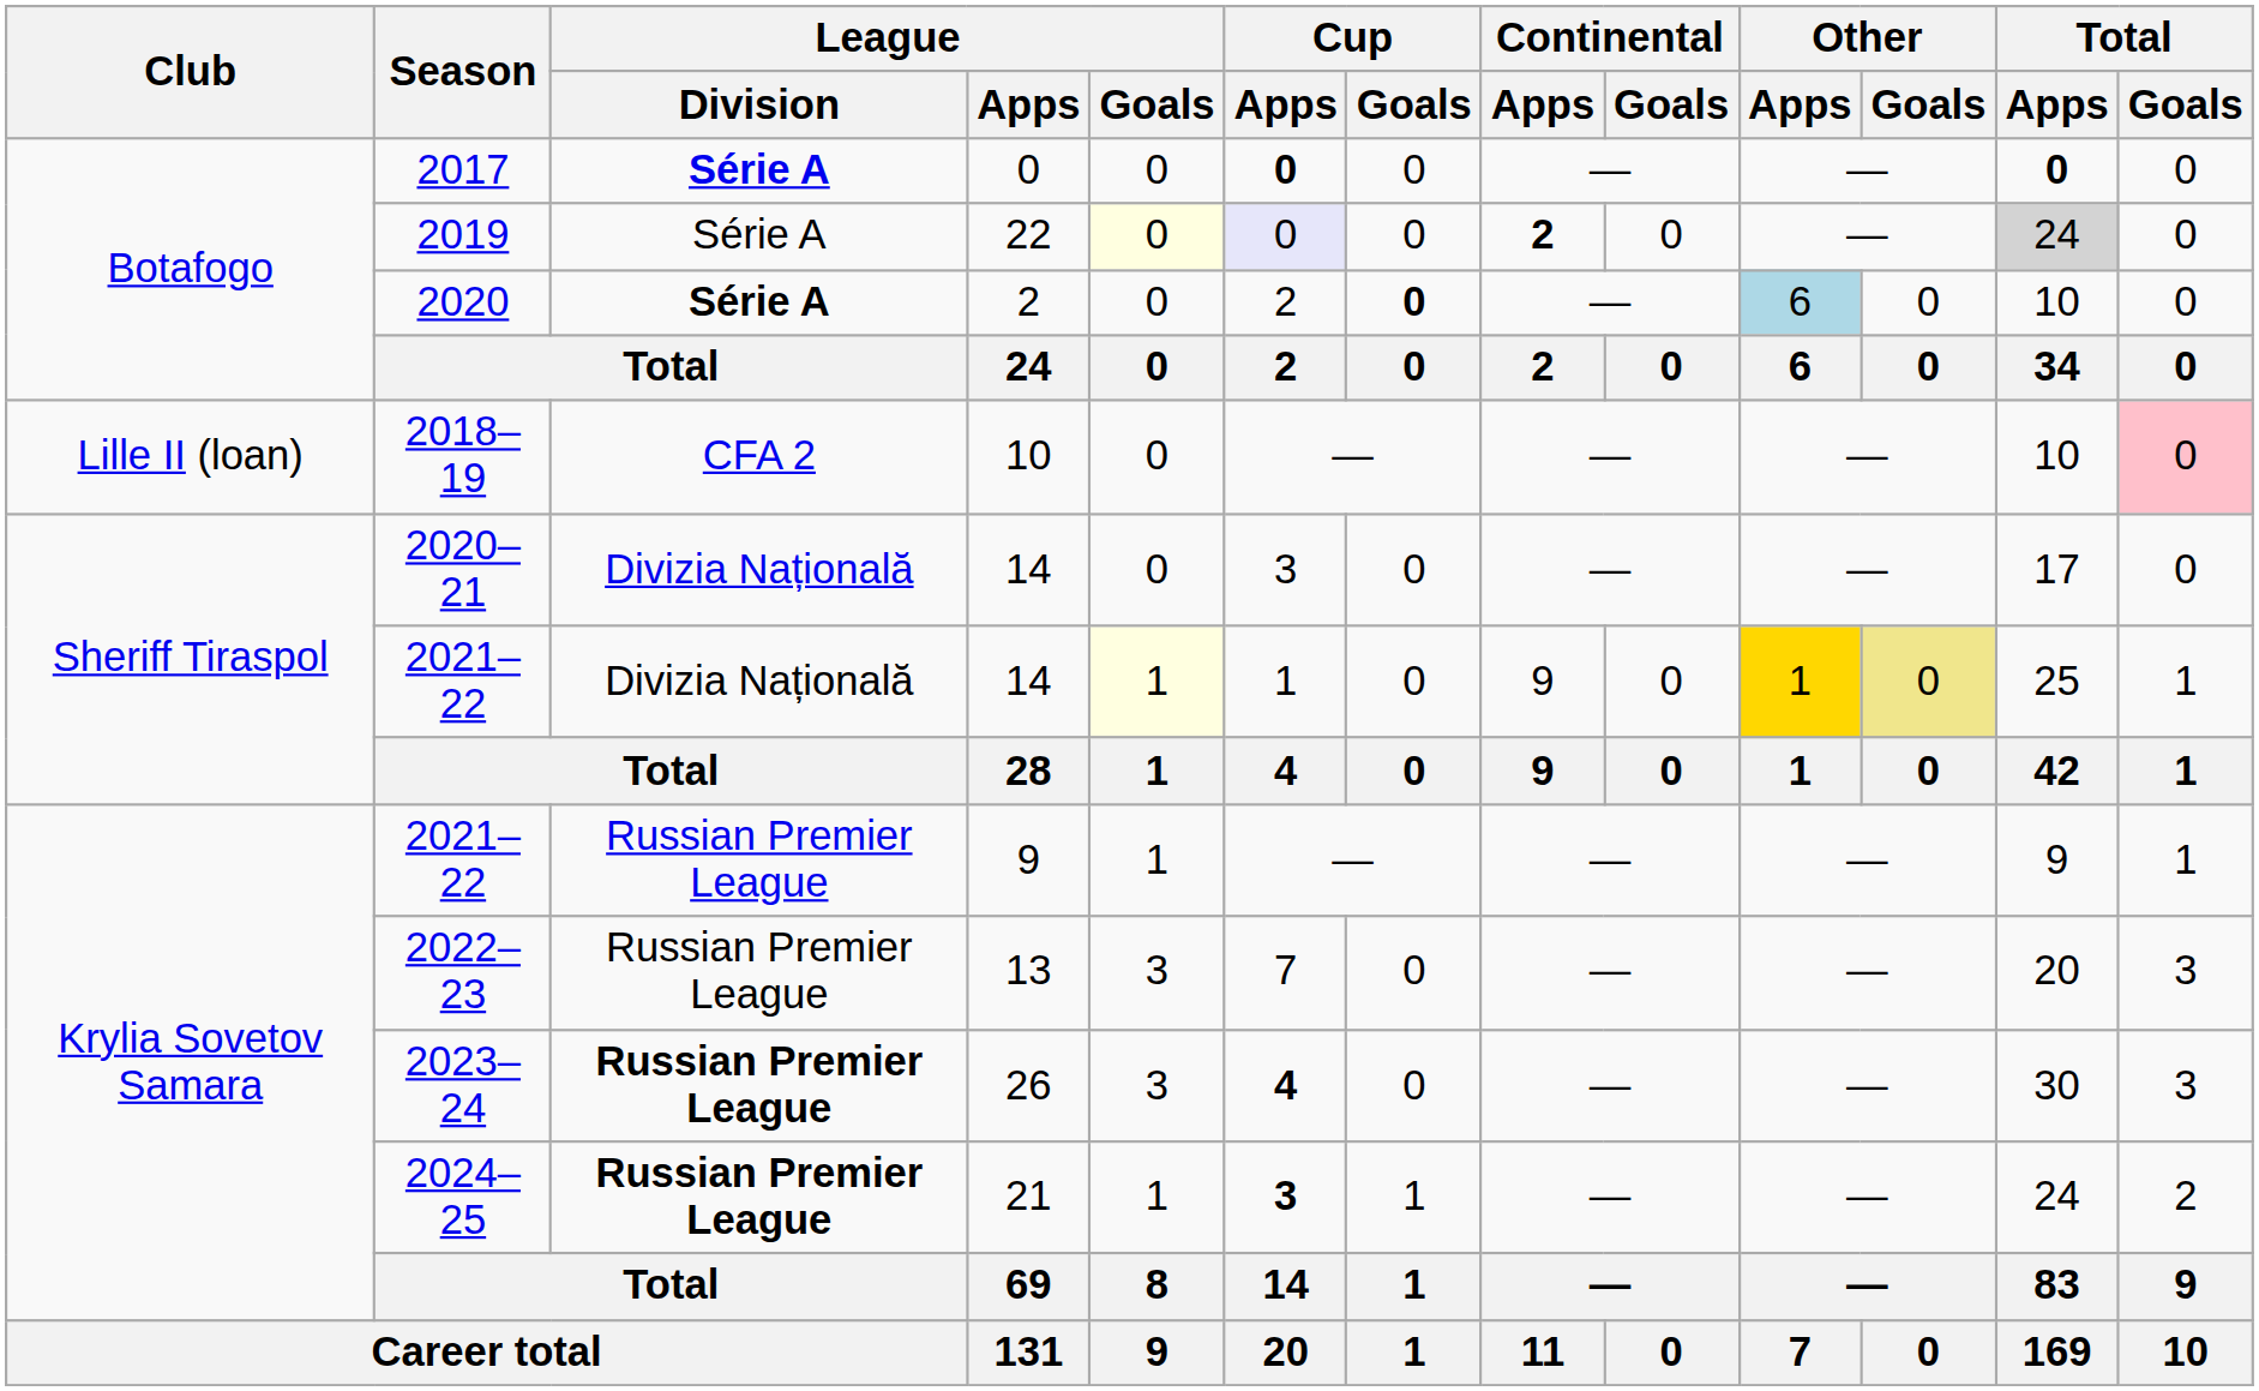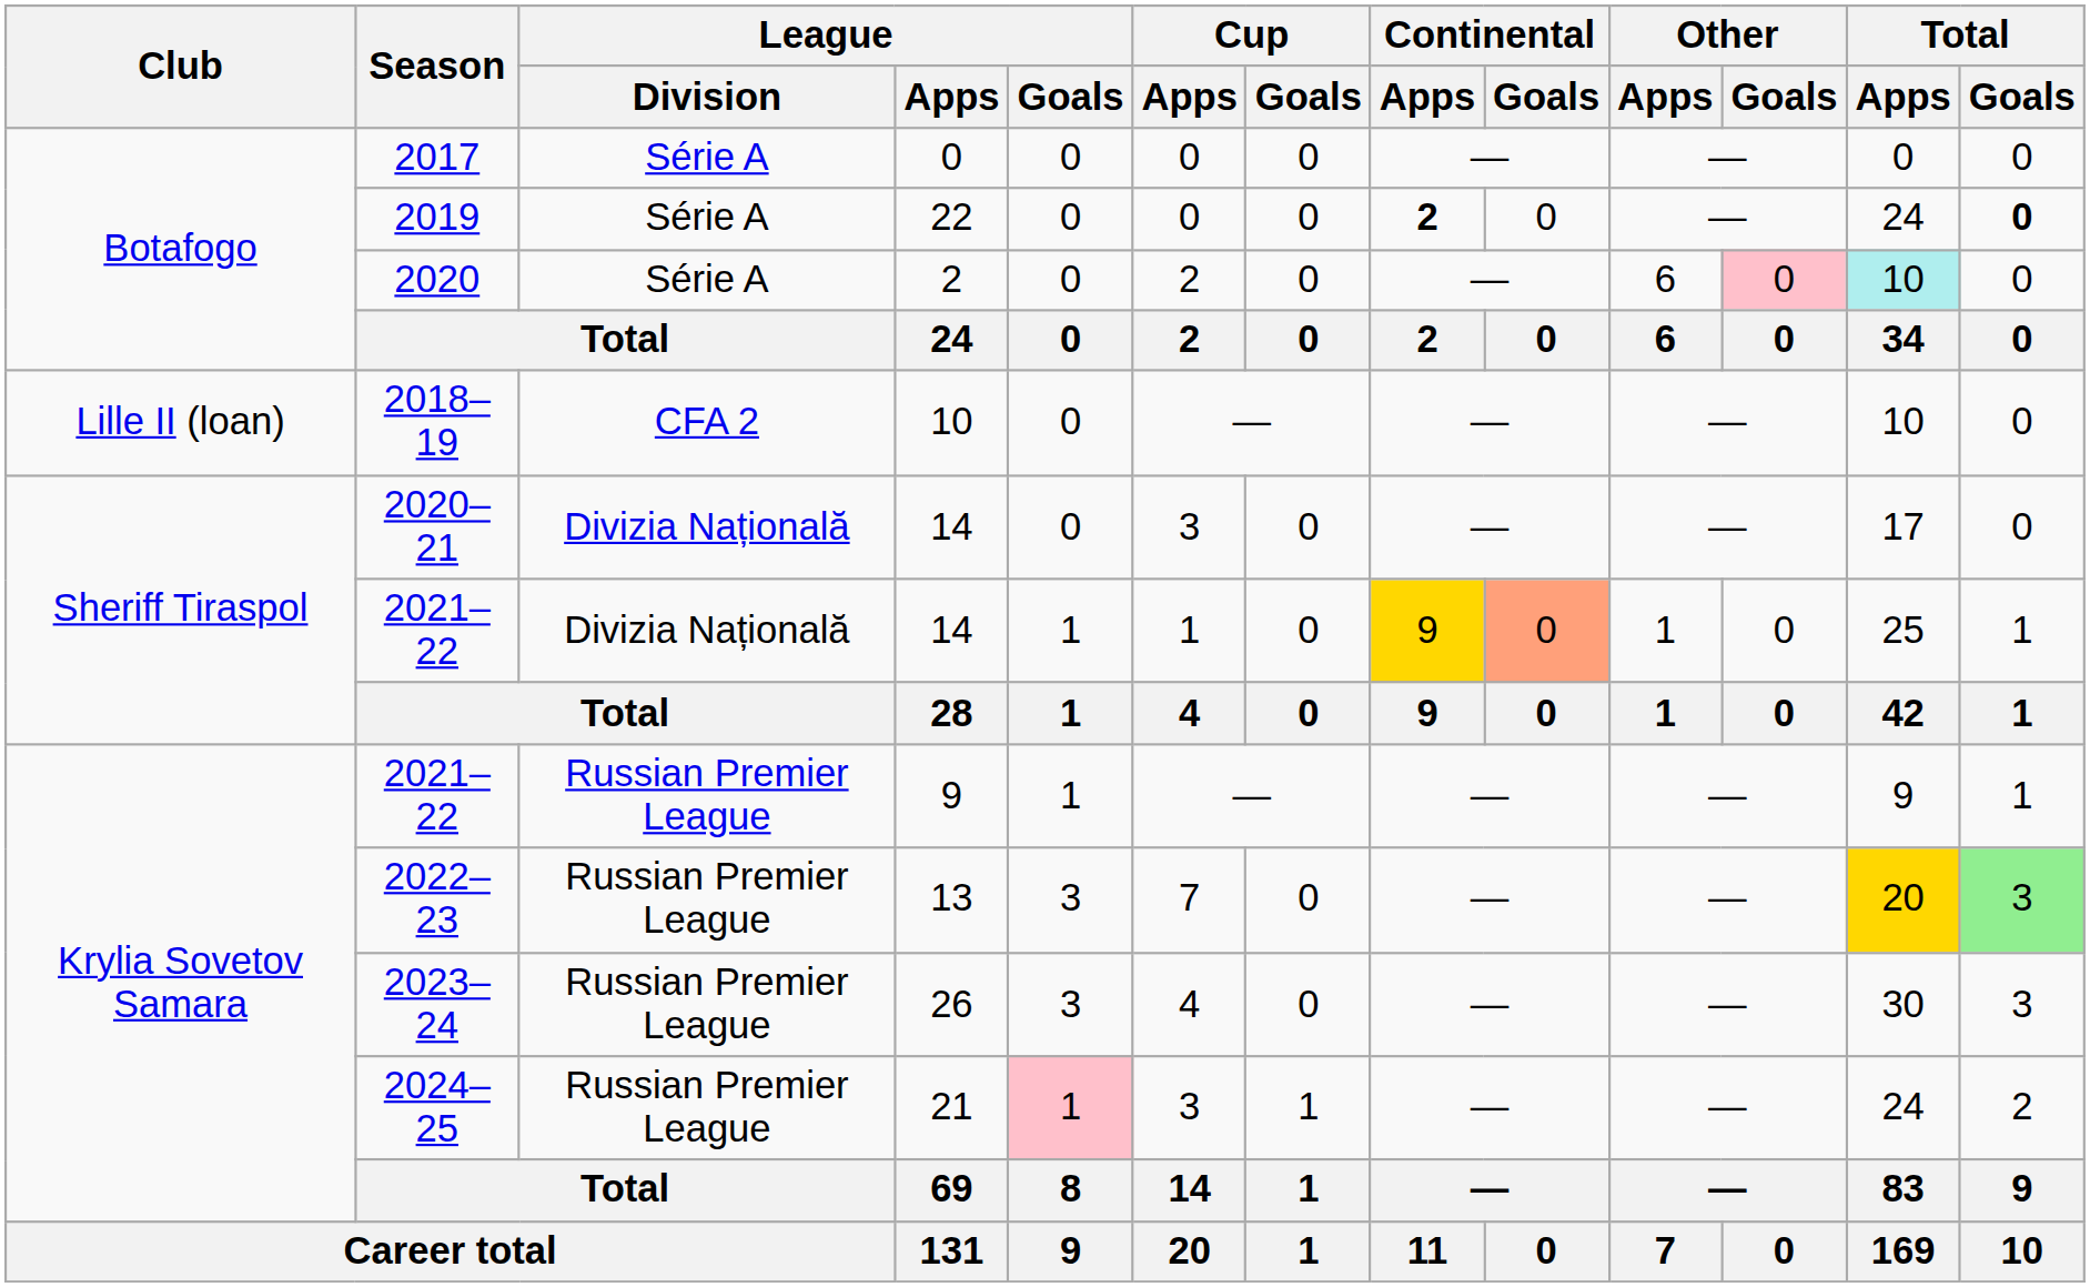 <table class="wikitable" style="text-align: center;">
 <tr>
 <th rowspan=2>Club</th>
 <th rowspan=2>Season</th>
 <th colspan=3>League</th>
 <th colspan=2>Cup</th>
 <th colspan=2>Continental</th>
 <th colspan=2>Other</th>
 <th colspan=2>Total</th>
 </tr>
 <tr>
 <th>Division</th>
 <th>Apps</th>
 <th>Goals</th>
 <th>Apps</th>
 <th>Goals</th>
 <th>Apps</th>
 <th>Goals</th>
 <th>Apps</th>
 <th>Goals</th>
 <th>Apps</th>
 <th>Goals</th>
 </tr>
 <tr>
 <td rowspan="4"><a href='#'>Botafogo</a></td>
 <td><a href='#'>2017</a></td>
-<td><strong><a href='#'>Série A</a></strong></td>
+<td><a href='#'>Série A</a></td>
 <td>0</td>
 <td>0</td>
-<td><strong>0</strong></td>
+<td>0</td>
 <td>0</td>
 <td colspan="2">—</td>
 <td colspan="2">—</td>
-<td><strong>0</strong></td>
+<td>0</td>
 <td>0</td>
 </tr>
 <tr>
 <td><a href='#'>2019</a></td>
 <td>Série A</td>
 <td>22</td>
-<td style="background: lightyellow;">0</td>
-<td style="background: lavender;">0</td>
+<td>0</td>
+<td>0</td>
 <td>0</td>
 <td><strong>2</strong></td>
 <td>0</td>
 <td colspan="2">—</td>
-<td style="background: lightgrey;">24</td>
-<td>0</td>
+<td>24</td>
+<td><strong>0</strong></td>
 </tr>
 <tr>
 <td><a href='#'>2020</a></td>
-<td><strong>Série A</strong></td>
+<td>Série A</td>
 <td>2</td>
 <td>0</td>
 <td>2</td>
-<td><strong>0</strong></td>
+<td>0</td>
 <td colspan="2">—</td>
-<td style="background: lightblue;">6</td>
-<td>0</td>
-<td>10</td>
+<td>6</td>
+<td style="background: pink;">0</td>
+<td style="background: paleturquoise;">10</td>
 <td>0</td>
 </tr>
 <tr>
 <th colspan=2>Total</th>
 <th>24</th>
 <th>0</th>
 <th>2</th>
 <th>0</th>
 <th>2</th>
 <th>0</th>
 <th>6</th>
 <th>0</th>
 <th>34</th>
 <th>0</th>
 </tr>
 <tr>
 <td><a href='#'>Lille II</a> (loan)</td>
 <td><a href='#'>2018–19</a></td>
 <td><a href='#'>CFA 2</a></td>
 <td>10</td>
 <td>0</td>
 <td colspan="2">—</td>
 <td colspan="2">—</td>
 <td colspan="2">—</td>
 <td>10</td>
-<td style="background: pink;">0</td>
+<td>0</td>
 </tr>
 <tr>
 <td rowspan="3"><a href='#'>Sheriff Tiraspol</a></td>
 <td><a href='#'>2020–21</a></td>
 <td><a href='#'>Divizia Națională</a></td>
 <td>14</td>
 <td>0</td>
 <td>3</td>
 <td>0</td>
 <td colspan="2">—</td>
 <td colspan="2">—</td>
 <td>17</td>
 <td>0</td>
 </tr>
 <tr>
 <td><a href='#'>2021–22</a></td>
 <td>Divizia Națională</td>
 <td>14</td>
-<td style="background: lightyellow;">1</td>
+<td>1</td>
 <td>1</td>
 <td>0</td>
-<td>9</td>
+<td style="background: gold;">9</td>
+<td style="background: lightsalmon;">0</td>
+<td>1</td>
 <td>0</td>
-<td style="background: gold;">1</td>
-<td style="background: khaki;">0</td>
 <td>25</td>
 <td>1</td>
 </tr>
 <tr>
 <th colspan=2>Total</th>
 <th>28</th>
 <th>1</th>
 <th>4</th>
 <th>0</th>
 <th>9</th>
 <th>0</th>
 <th>1</th>
 <th>0</th>
 <th>42</th>
 <th>1</th>
 </tr>
 <tr>
 <td rowspan="5"><a href='#'>Krylia Sovetov Samara</a></td>
 <td><a href='#'>2021–22</a></td>
 <td><a href='#'>Russian Premier League</a></td>
 <td>9</td>
 <td>1</td>
 <td colspan="2">—</td>
 <td colspan="2">—</td>
 <td colspan="2">—</td>
 <td>9</td>
 <td>1</td>
 </tr>
 <tr>
 <td><a href='#'>2022–23</a></td>
 <td>Russian Premier League</td>
 <td>13</td>
 <td>3</td>
 <td>7</td>
 <td>0</td>
 <td colspan="2">—</td>
 <td colspan="2">—</td>
-<td>20</td>
-<td>3</td>
+<td style="background: gold;">20</td>
+<td style="background: lightgreen;">3</td>
 </tr>
 <tr>
 <td><a href='#'>2023–24</a></td>
-<td><strong>Russian Premier League</strong></td>
+<td>Russian Premier League</td>
 <td>26</td>
 <td>3</td>
-<td><strong>4</strong></td>
+<td>4</td>
 <td>0</td>
 <td colspan="2">—</td>
 <td colspan="2">—</td>
 <td>30</td>
 <td>3</td>
 </tr>
 <tr>
 <td><a href='#'>2024–25</a></td>
-<td><strong>Russian Premier League</strong></td>
+<td>Russian Premier League</td>
 <td>21</td>
-<td>1</td>
-<td><strong>3</strong></td>
+<td style="background: pink;">1</td>
+<td>3</td>
 <td>1</td>
 <td colspan="2">—</td>
 <td colspan="2">—</td>
 <td>24</td>
 <td>2</td>
 </tr>
 <tr>
 <th colspan="2">Total</th>
 <th>69</th>
 <th>8</th>
 <th>14</th>
 <th>1</th>
 <th colspan="2">—</th>
 <th colspan="2">—</th>
 <th>83</th>
 <th>9</th>
 </tr>
 <tr>
 <th colspan="3">Career total</th>
 <th>131</th>
 <th>9</th>
 <th>20</th>
 <th>1</th>
 <th>11</th>
 <th>0</th>
 <th>7</th>
 <th>0</th>
 <th>169</th>
 <th>10</th>
 </tr>
 </table>
